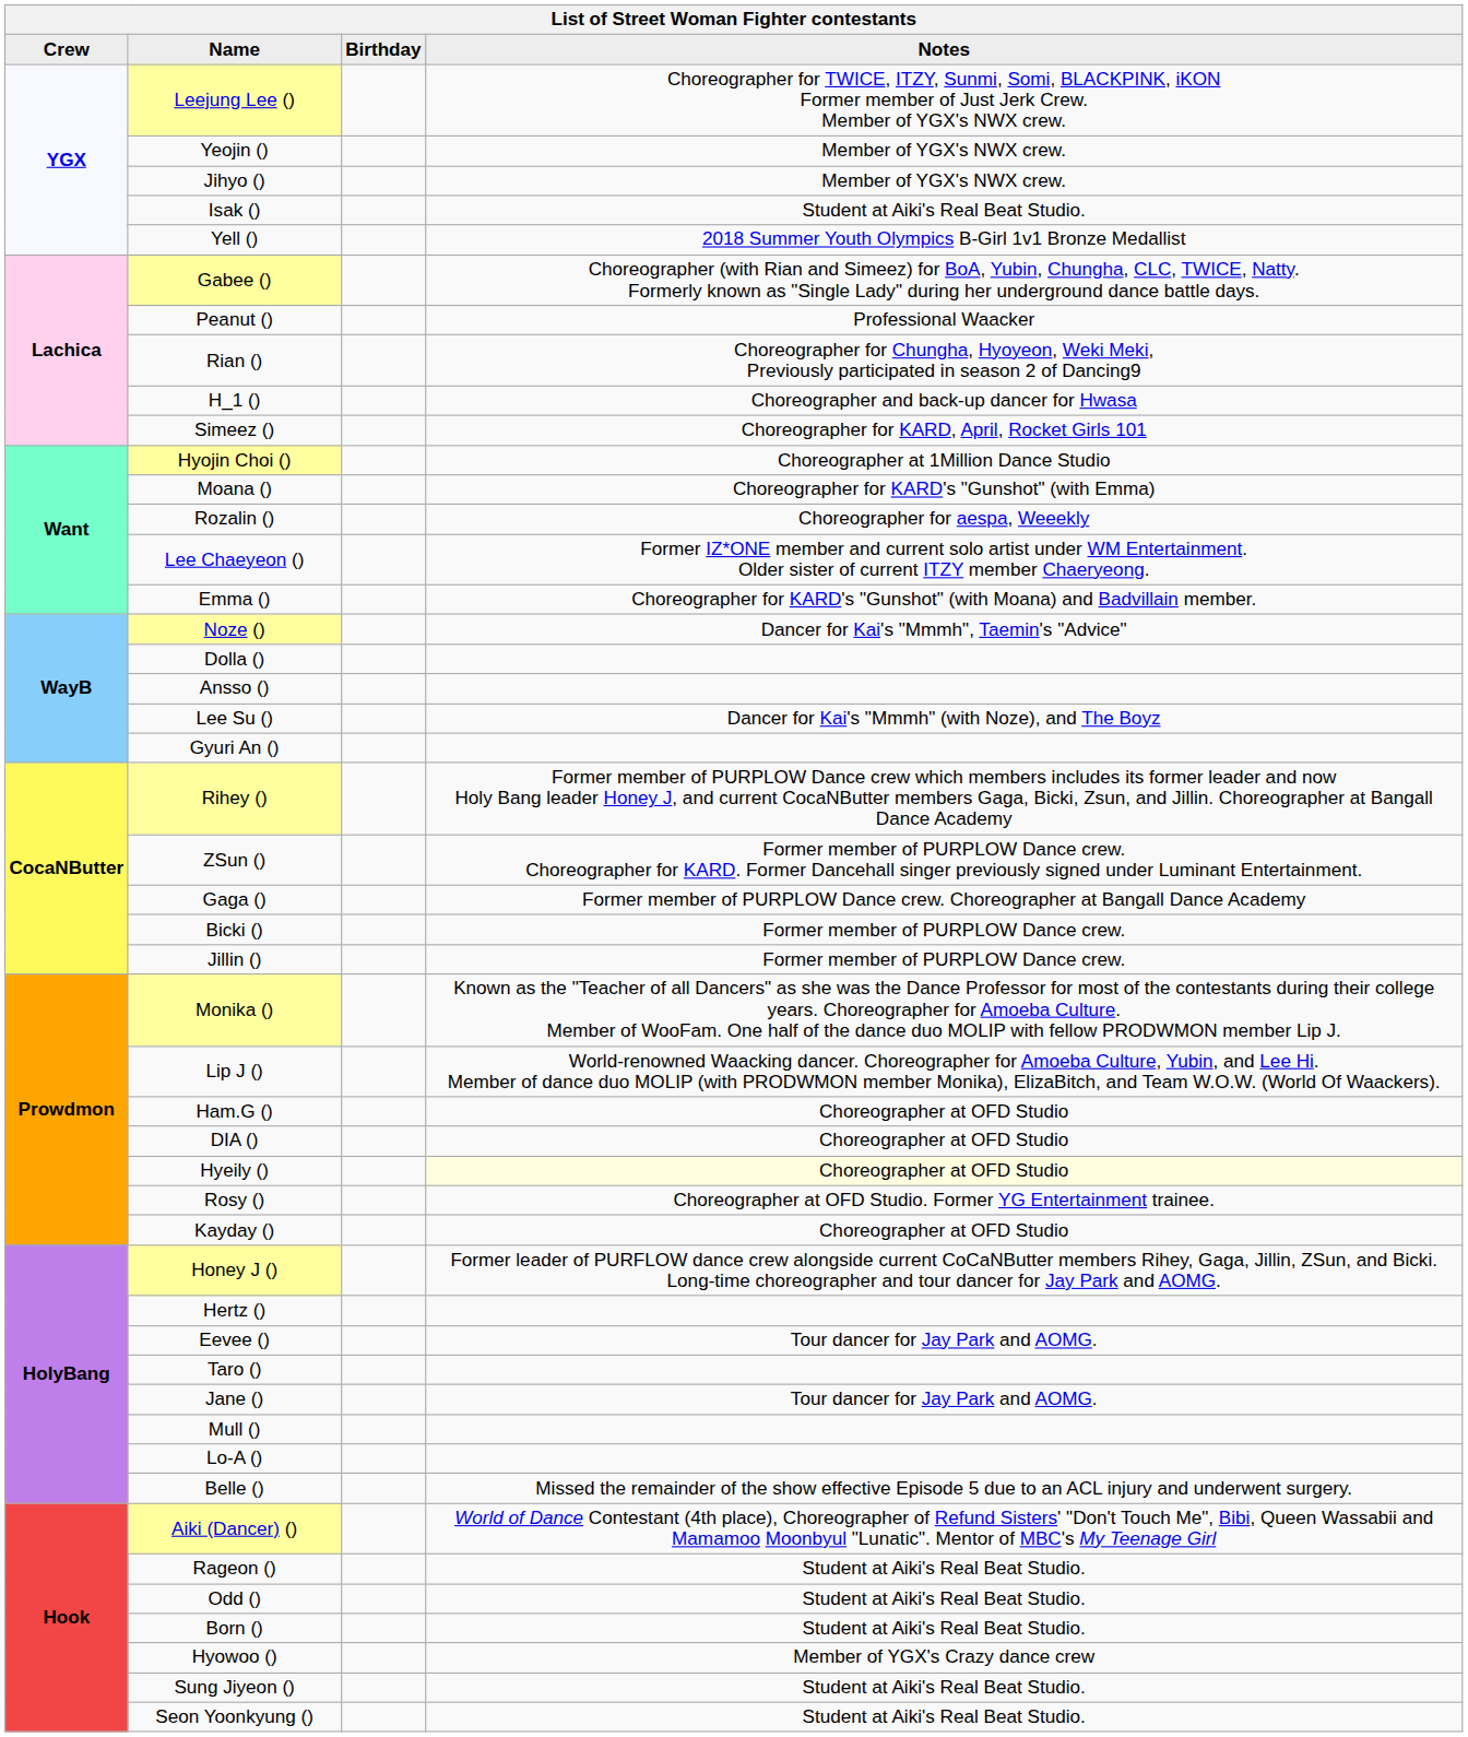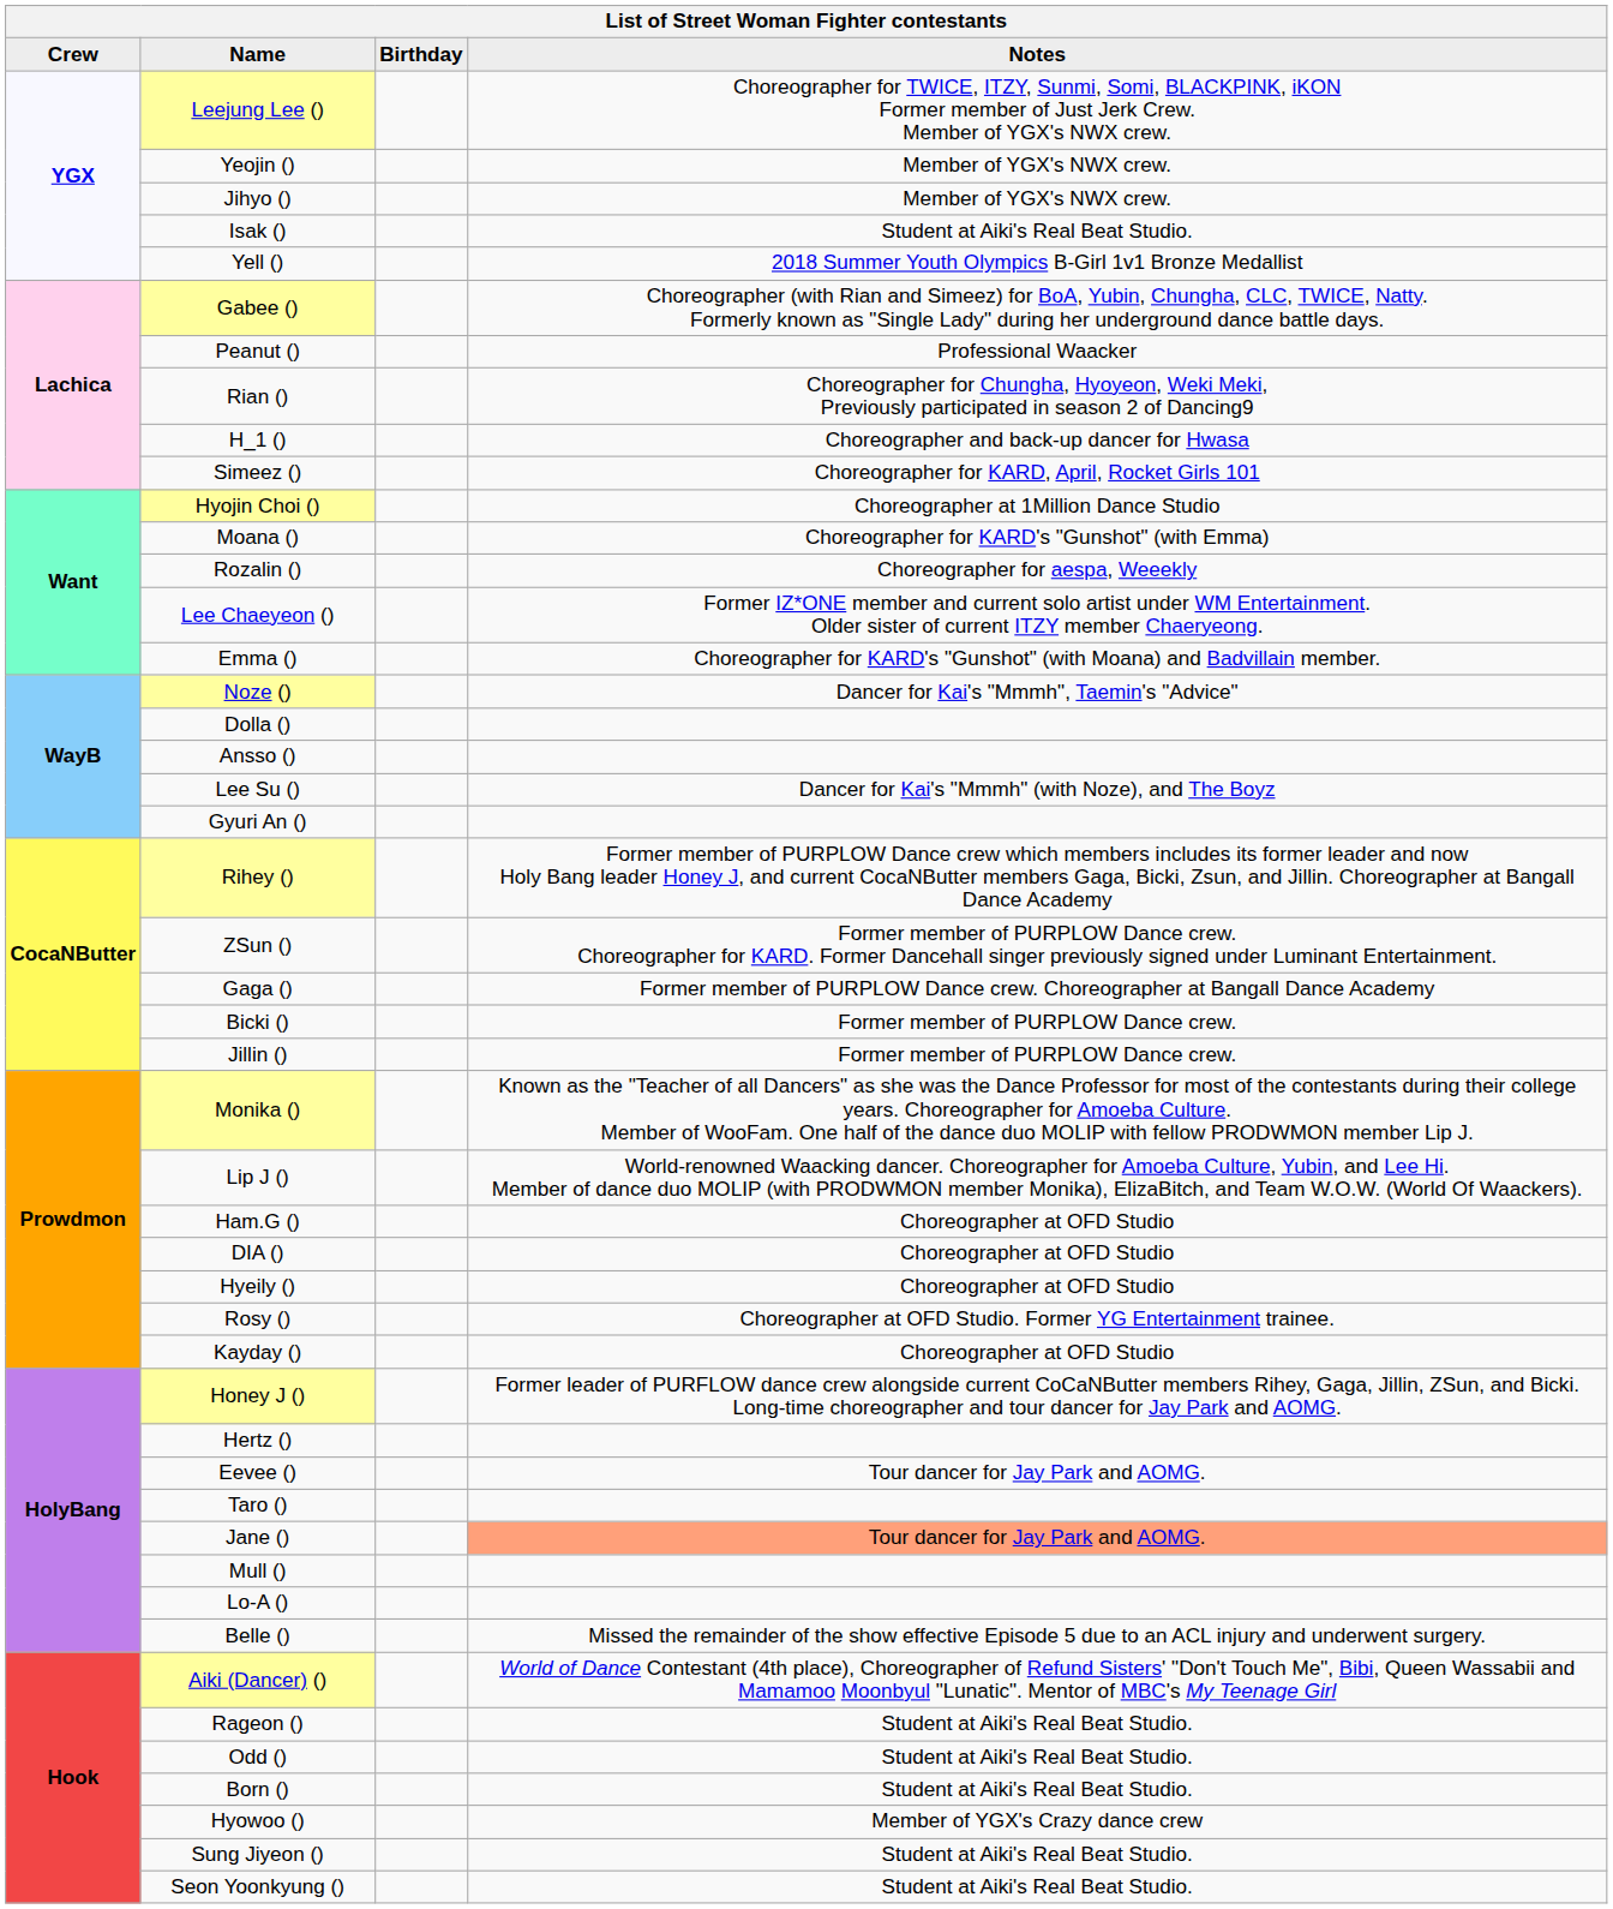 <table class="wikitable collapsible collapsed" style="text-align:center;">
 <tr>
 <th colspan="4">List of Street Woman Fighter contestants</th>
 </tr>
 <tr>
 <th style="background:#EDEDED">Crew</th>
 <th width="175px" style="background:#EDEDED">Name</th>
 <th style="background:#EDEDED">Birthday</th>
 <th style="background:#EDEDED">Notes</th>
 </tr>
 <tr>
 <td rowspan="5" style="background:#F8F8FF"><strong><a href='#'>YGX</a></strong></td>
 <td style="background:#FFFF9F;"><a href='#'>Leejung Lee</a> ()</td>
 <td></td>
 <td>Choreographer for <a href='#'>TWICE</a>, <a href='#'>ITZY</a>, <a href='#'>Sunmi</a>, <a href='#'>Somi</a>, <a href='#'>BLACKPINK</a>, <a href='#'>iKON</a> <br> Former member of Just Jerk Crew.  <br> Member of YGX's NWX crew.</td>
 </tr>
 <tr>
 <td>Yeojin ()</td>
 <td></td>
 <td>Member of YGX's NWX crew.</td>
 </tr>
 <tr>
 <td>Jihyo ()</td>
 <td></td>
 <td>Member of YGX's NWX crew.</td>
 </tr>
 <tr>
 <td>Isak ()</td>
 <td></td>
 <td>Student at Aiki's Real Beat Studio.</td>
 </tr>
 <tr>
 <td>Yell ()</td>
 <td></td>
 <td><a href='#'>2018 Summer Youth Olympics</a> B-Girl 1v1 Bronze Medallist</td>
 </tr>
 <tr>
 <td rowspan="5" style="background:#FFD1ED"><strong>Lachica</strong></td>
 <td style="background:#FFFF9F;">Gabee ()</td>
 <td></td>
 <td>Choreographer (with Rian and Simeez) for <a href='#'>BoA</a>, <a href='#'>Yubin</a>, <a href='#'>Chungha</a>, <a href='#'>CLC</a>, <a href='#'>TWICE</a>, <a href='#'>Natty</a>.<br> Formerly known as "Single Lady" during her underground dance battle days.</td>
 </tr>
 <tr>
 <td>Peanut ()</td>
 <td></td>
 <td>Professional Waacker</td>
 </tr>
 <tr>
 <td>Rian ()</td>
 <td></td>
 <td>Choreographer for <a href='#'>Chungha</a>, <a href='#'>Hyoyeon</a>, <a href='#'>Weki Meki</a>, <br> Previously participated in season 2 of Dancing9</td>
 </tr>
 <tr>
 <td>H_1 ()</td>
 <td></td>
 <td>Choreographer and back-up dancer for <a href='#'>Hwasa</a></td>
 </tr>
 <tr>
 <td>Simeez ()</td>
 <td></td>
 <td>Choreographer for <a href='#'>KARD</a>, <a href='#'>April</a>, <a href='#'>Rocket Girls 101</a></td>
 </tr>
 <tr>
 <td rowspan="5" style="background:#75FFCA"><strong>Want</strong></td>
 <td style="background:#FFFF9F;">Hyojin Choi ()</td>
 <td></td>
 <td>Choreographer at 1Million Dance Studio</td>
 </tr>
 <tr>
 <td>Moana ()</td>
 <td></td>
 <td>Choreographer for <a href='#'>KARD</a>'s "Gunshot" (with Emma)</td>
 </tr>
 <tr>
 <td>Rozalin ()</td>
 <td></td>
 <td>Choreographer for <a href='#'>aespa</a>, <a href='#'>Weeekly</a></td>
 </tr>
 <tr>
 <td><a href='#'>Lee Chaeyeon</a> ()</td>
 <td></td>
 <td>Former <a href='#'>IZ*ONE</a> member and current solo artist under <a href='#'>WM Entertainment</a>.<br>Older sister of current <a href='#'>ITZY</a> member <a href='#'>Chaeryeong</a>.</td>
 </tr>
 <tr>
 <td>Emma ()</td>
 <td></td>
 <td>Choreographer for <a href='#'>KARD</a>'s "Gunshot" (with Moana) and <a href='#'>Badvillain</a> member.</td>
 </tr>
 <tr>
 <td rowspan="5" style="background:#87CEFA"><strong>WayB</strong></td>
 <td style="background:#FFFF9F;"><a href='#'>Noze</a> ()</td>
 <td></td>
 <td>Dancer for <a href='#'>Kai</a>'s "Mmmh", <a href='#'>Taemin</a>'s "Advice"</td>
 </tr>
 <tr>
 <td>Dolla ()</td>
 <td></td>
 <td></td>
 </tr>
 <tr>
 <td>Ansso ()</td>
 <td></td>
 <td></td>
 </tr>
 <tr>
 <td>Lee Su ()</td>
 <td></td>
 <td>Dancer for <a href='#'>Kai</a>'s "Mmmh" (with Noze), and <a href='#'>The Boyz</a></td>
 </tr>
 <tr>
 <td>Gyuri An ()</td>
 <td></td>
 <td></td>
 </tr>
 <tr>
 <td rowspan="5" style="background:#FFFA5C"><strong>CocaNButter</strong></td>
 <td style="background:#FFFF9F;">Rihey ()</td>
 <td></td>
 <td>Former member of PURPLOW Dance crew which members includes its former leader and now <br> Holy Bang leader <a href='#'>Honey J</a>, and current CocaNButter members Gaga, Bicki, Zsun, and Jillin. Choreographer at Bangall Dance Academy</td>
 </tr>
 <tr>
 <td>ZSun ()</td>
 <td></td>
 <td>Former member of PURPLOW Dance crew. <br>Choreographer for <a href='#'>KARD</a>. Former Dancehall singer previously signed under Luminant Entertainment.</td>
 </tr>
 <tr>
 <td>Gaga ()</td>
 <td></td>
 <td>Former member of PURPLOW Dance crew. Choreographer at Bangall Dance Academy</td>
 </tr>
 <tr>
 <td>Bicki ()</td>
 <td></td>
 <td>Former member of PURPLOW Dance crew.</td>
 </tr>
 <tr>
 <td>Jillin ()</td>
 <td></td>
 <td>Former member of PURPLOW Dance crew.</td>
 </tr>
 <tr>
 <td rowspan="7" style="background:orange"><strong>Prowdmon</strong></td>
 <td style="background:#FFFF9F;">Monika ()</td>
 <td></td>
 <td>Known as the "Teacher of all Dancers" as she was the Dance Professor for most of the contestants during their college years. Choreographer for <a href='#'>Amoeba Culture</a>. <br> Member of WooFam. One half of the dance duo MOLIP with fellow PRODWMON member Lip J.</td>
 </tr>
 <tr>
 <td>Lip J ()</td>
 <td></td>
 <td>World-renowned Waacking dancer. Choreographer for <a href='#'>Amoeba Culture</a>, <a href='#'>Yubin</a>, and <a href='#'>Lee Hi</a>. <br> Member of dance duo MOLIP (with PRODWMON member Monika), ElizaBitch, and Team W.O.W. (World Of Waackers).</td>
 </tr>
 <tr>
 <td>Ham.G ()</td>
 <td></td>
 <td>Choreographer at OFD Studio</td>
 </tr>
 <tr>
 <td>DIA ()</td>
 <td></td>
 <td>Choreographer at OFD Studio</td>
 </tr>
 <tr>
 <td>Hyeily ()</td>
 <td></td>
-<td style="background: lightyellow;">Choreographer at OFD Studio</td>
+<td>Choreographer at OFD Studio</td>
 </tr>
 <tr>
 <td>Rosy ()</td>
 <td></td>
 <td>Choreographer at OFD Studio. Former <a href='#'>YG Entertainment</a> trainee.</td>
 </tr>
 <tr>
 <td>Kayday ()</td>
 <td></td>
 <td>Choreographer at OFD Studio</td>
 </tr>
 <tr>
 <td rowspan="8" style="background:#BF7FEB"><strong>HolyBang</strong></td>
 <td style="background:#FFFF9F;">Honey J ()</td>
 <td></td>
 <td>Former leader of PURFLOW dance crew alongside current CoCaNButter members Rihey, Gaga, Jillin, ZSun, and Bicki. <br> Long-time choreographer and tour dancer for <a href='#'>Jay Park</a> and <a href='#'>AOMG</a>.</td>
 </tr>
 <tr>
 <td>Hertz ()</td>
 <td></td>
 <td></td>
 </tr>
 <tr>
 <td>Eevee ()</td>
 <td></td>
 <td>Tour dancer for <a href='#'>Jay Park</a> and <a href='#'>AOMG</a>.</td>
 </tr>
 <tr>
 <td>Taro ()</td>
 <td></td>
 <td></td>
 </tr>
 <tr>
 <td>Jane ()</td>
 <td></td>
-<td>Tour dancer for <a href='#'>Jay Park</a> and <a href='#'>AOMG</a>.</td>
+<td style="background: lightsalmon;">Tour dancer for <a href='#'>Jay Park</a> and <a href='#'>AOMG</a>.</td>
 </tr>
 <tr>
 <td>Mull ()</td>
 <td></td>
 <td></td>
 </tr>
 <tr>
 <td>Lo-A ()</td>
 <td></td>
 <td></td>
 </tr>
 <tr>
 <td>Belle ()</td>
 <td></td>
 <td>Missed the remainder of the show effective Episode 5 due to an ACL injury and underwent surgery.</td>
 </tr>
 <tr>
 <td rowspan="7" style="background:#F24646"><strong>Hook</strong></td>
 <td style="background:#FFFF9F;"><a href='#'>Aiki (Dancer)</a> ()</td>
 <td></td>
 <td><em><a href='#'>World of Dance</a></em> Contestant (4th place), Choreographer of <a href='#'>Refund Sisters</a>' "Don't Touch Me", <a href='#'>Bibi</a>, Queen Wassabii and <a href='#'>Mamamoo</a> <a href='#'>Moonbyul</a> "Lunatic". Mentor of <a href='#'>MBC</a>'s <em><a href='#'>My Teenage Girl</a></em></td>
 </tr>
 <tr>
 <td>Rageon ()</td>
 <td></td>
 <td>Student at Aiki's Real Beat Studio.</td>
 </tr>
 <tr>
 <td>Odd ()</td>
 <td></td>
 <td>Student at Aiki's Real Beat Studio.</td>
 </tr>
 <tr>
 <td>Born ()</td>
 <td></td>
 <td>Student at Aiki's Real Beat Studio.</td>
 </tr>
 <tr>
 <td>Hyowoo ()</td>
 <td></td>
 <td>Member of YGX's Crazy dance crew</td>
 </tr>
 <tr>
 <td>Sung Jiyeon ()</td>
 <td></td>
 <td>Student at Aiki's Real Beat Studio.</td>
 </tr>
 <tr>
 <td>Seon Yoonkyung ()</td>
 <td></td>
 <td>Student at Aiki's Real Beat Studio.</td>
 </tr>
 </table>
